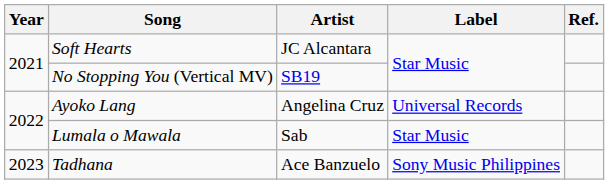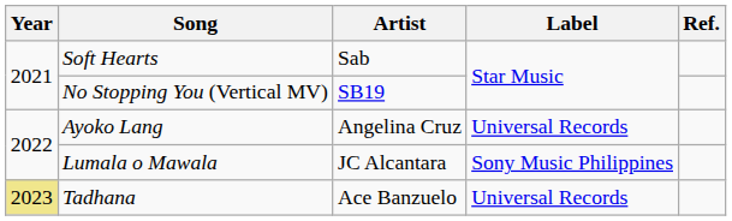 <table class="wikitable" style="font-size:90%">
 <tr>
 <th>Year</th>
 <th>Song</th>
 <th>Artist</th>
 <th>Label</th>
 <th>Ref.</th>
 </tr>
 <tr>
 <td rowspan=" 2">2021</td>
 <td><em>Soft Hearts</em></td>
-<td>JC Alcantara</td>
+<td>Sab</td>
 <td rowspan="2"><a href='#'>Star Music</a></td>
 <td></td>
 </tr>
 <tr>
 <td><em>No Stopping You</em> (Vertical MV)</td>
 <td><a href='#'>SB19</a></td>
 <td align="center"></td>
 </tr>
 <tr>
 <td rowspan="2">2022</td>
 <td><em>Ayoko Lang</em></td>
 <td>Angelina Cruz</td>
 <td><a href='#'>Universal Records</a></td>
 <td align="center"></td>
 </tr>
 <tr>
 <td><em>Lumala o Mawala</em></td>
-<td>Sab</td>
-<td><a href='#'>Star Music</a></td>
+<td>JC Alcantara</td>
+<td><a href='#'>Sony Music Philippines</a></td>
 <td align="center"></td>
 </tr>
 <tr>
-<td>2023</td>
+<td style="background: khaki;">2023</td>
 <td><em>Tadhana</em></td>
 <td>Ace Banzuelo</td>
-<td><a href='#'>Sony Music Philippines</a></td>
+<td><a href='#'>Universal Records</a></td>
 <td align="center"></td>
 </tr>
 </table>
